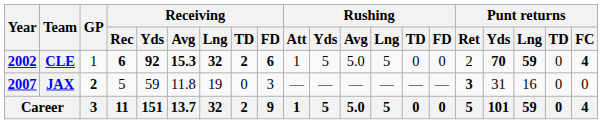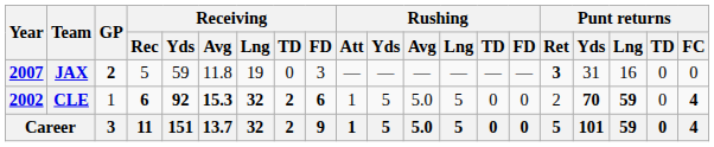 <table class="wikitable" style="text-align:center;">
 <tr>
 <th rowspan="2">Year</th>
 <th rowspan="2">Team</th>
 <th rowspan="2">GP</th>
 <th colspan="6">Receiving</th>
 <th colspan="6">Rushing</th>
 <th colspan="5">Punt returns</th>
 </tr>
 <tr>
 <th>Rec</th>
 <th>Yds</th>
 <th>Avg</th>
 <th>Lng</th>
 <th>TD</th>
 <th>FD</th>
 <th>Att</th>
 <th>Yds</th>
 <th>Avg</th>
 <th>Lng</th>
 <th>TD</th>
 <th>FD</th>
 <th>Ret</th>
 <th>Yds</th>
 <th>Lng</th>
 <th>TD</th>
 <th>FC</th>
 </tr>
 <tr>
+<th><a href='#'>2007</a></th>
+<th><a href='#'>JAX</a></th>
+<td><strong>2</strong></td>
+<td>5</td>
+<td>59</td>
+<td>11.8</td>
+<td>19</td>
+<td>0</td>
+<td>3</td>
+<td>—</td>
+<td>—</td>
+<td>—</td>
+<td>—</td>
+<td>—</td>
+<td>—</td>
+<td><strong>3</strong></td>
+<td>31</td>
+<td>16</td>
+<td>0</td>
+<td>0</td>
+</tr>
+<tr>
 <th><a href='#'>2002</a></th>
 <th><a href='#'>CLE</a></th>
 <td>1</td>
 <td><strong>6</strong></td>
 <td><strong>92</strong></td>
 <td><strong>15.3</strong></td>
 <td><strong>32</strong></td>
 <td><strong>2</strong></td>
 <td><strong>6</strong></td>
 <td>1</td>
 <td>5</td>
 <td>5.0</td>
 <td>5</td>
 <td>0</td>
 <td>0</td>
 <td>2</td>
 <td><strong>70</strong></td>
 <td><strong>59</strong></td>
 <td>0</td>
 <td><strong>4</strong></td>
-</tr>
-<tr>
-<th><a href='#'>2007</a></th>
-<th><a href='#'>JAX</a></th>
-<td><strong>2</strong></td>
-<td>5</td>
-<td>59</td>
-<td>11.8</td>
-<td>19</td>
-<td>0</td>
-<td>3</td>
-<td>—</td>
-<td>—</td>
-<td>—</td>
-<td>—</td>
-<td>—</td>
-<td>—</td>
-<td><strong>3</strong></td>
-<td>31</td>
-<td>16</td>
-<td>0</td>
-<td>0</td>
 </tr>
 <tr>
 <th colspan="2">Career</th>
 <th>3</th>
 <th>11</th>
 <th>151</th>
 <th>13.7</th>
 <th>32</th>
 <th>2</th>
 <th>9</th>
 <th>1</th>
 <th>5</th>
 <th>5.0</th>
 <th>5</th>
 <th>0</th>
 <th>0</th>
 <th>5</th>
 <th>101</th>
 <th>59</th>
 <th>0</th>
 <th>4</th>
 </tr>
 </table>
